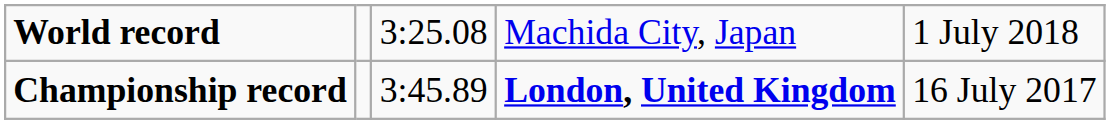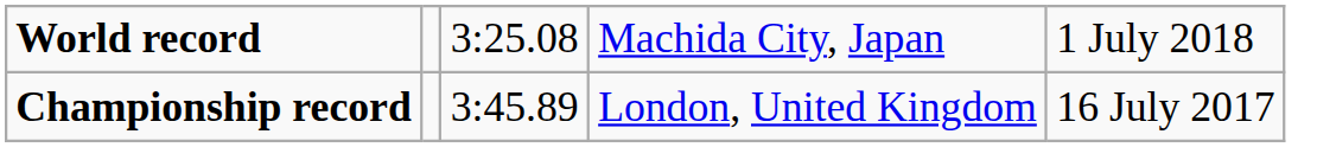 <table class="wikitable">
 <tr>
 <td><strong>World record</strong></td>
 <td></td>
 <td>3:25.08</td>
 <td><a href='#'>Machida City</a>, <a href='#'>Japan</a></td>
 <td>1 July 2018</td>
 </tr>
 <tr>
 <td><strong>Championship record</strong></td>
 <td></td>
 <td>3:45.89</td>
-<td><strong><a href='#'>London</a>, <a href='#'>United Kingdom</a></strong></td>
+<td><a href='#'>London</a>, <a href='#'>United Kingdom</a></td>
 <td>16 July 2017</td>
 </tr>
 </table>
